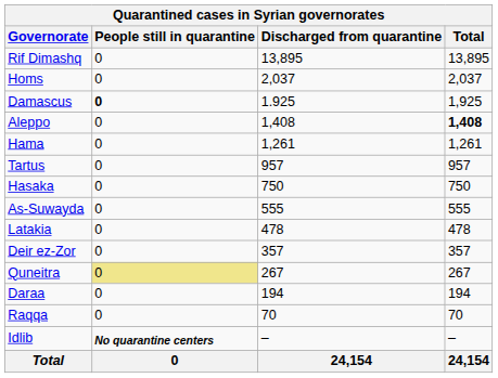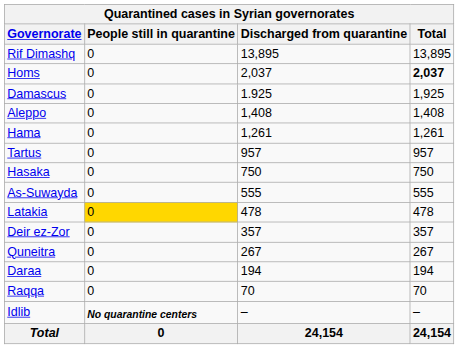 <table class="wikitable sortable collapsible">
 <tr>
 <th colspan="4" style="text-align:center">Quarantined cases in Syrian governorates</th>
 </tr>
 <tr>
 <th><a href='#'>Governorate</a></th>
 <th>People still in quarantine</th>
 <th>Discharged from quarantine</th>
 <th>Total</th>
 </tr>
 <tr>
 <td><a href='#'>Rif Dimashq</a></td>
 <td>0</td>
 <td>13,895</td>
 <td>13,895</td>
 </tr>
 <tr>
 <td><a href='#'>Homs</a></td>
 <td>0</td>
 <td>2,037</td>
-<td>2,037</td>
+<td><strong>2,037</strong></td>
 </tr>
 <tr>
 <td><a href='#'>Damascus</a></td>
-<td><strong>0</strong></td>
+<td>0</td>
 <td>1.925</td>
 <td>1,925</td>
 </tr>
 <tr>
 <td><a href='#'>Aleppo</a></td>
 <td>0</td>
 <td>1,408</td>
-<td><strong>1,408</strong></td>
+<td>1,408</td>
 </tr>
 <tr>
 <td><a href='#'>Hama</a></td>
 <td>0</td>
 <td>1,261</td>
 <td>1,261</td>
 </tr>
 <tr>
 <td><a href='#'>Tartus</a></td>
 <td>0</td>
 <td>957</td>
 <td>957</td>
 </tr>
 <tr>
 <td><a href='#'>Hasaka</a></td>
 <td>0</td>
 <td>750</td>
 <td>750</td>
 </tr>
 <tr>
 <td><a href='#'>As-Suwayda</a></td>
 <td>0</td>
 <td>555</td>
 <td>555</td>
 </tr>
 <tr>
 <td><a href='#'>Latakia</a></td>
-<td>0</td>
+<td style="background: gold;">0</td>
 <td>478</td>
 <td>478</td>
 </tr>
 <tr>
 <td><a href='#'>Deir ez-Zor</a></td>
 <td>0</td>
 <td>357</td>
 <td>357</td>
 </tr>
 <tr>
 <td><a href='#'>Quneitra</a></td>
-<td style="background: khaki;">0</td>
+<td>0</td>
 <td>267</td>
 <td>267</td>
 </tr>
 <tr>
 <td><a href='#'>Daraa</a></td>
 <td>0</td>
 <td>194</td>
 <td>194</td>
 </tr>
 <tr>
 <td><a href='#'>Raqqa</a></td>
 <td>0</td>
 <td>70</td>
 <td>70</td>
 </tr>
 <tr>
 <td><a href='#'>Idlib</a></td>
 <td><sub><strong><em>No quarantine centers</em></strong></sub></td>
 <td><em>–</em></td>
 <td><em>–</em></td>
 </tr>
 <tr>
 <th><em>Total</em></th>
 <th>0</th>
 <th>24,154</th>
 <th>24,154</th>
 </tr>
 </table>
